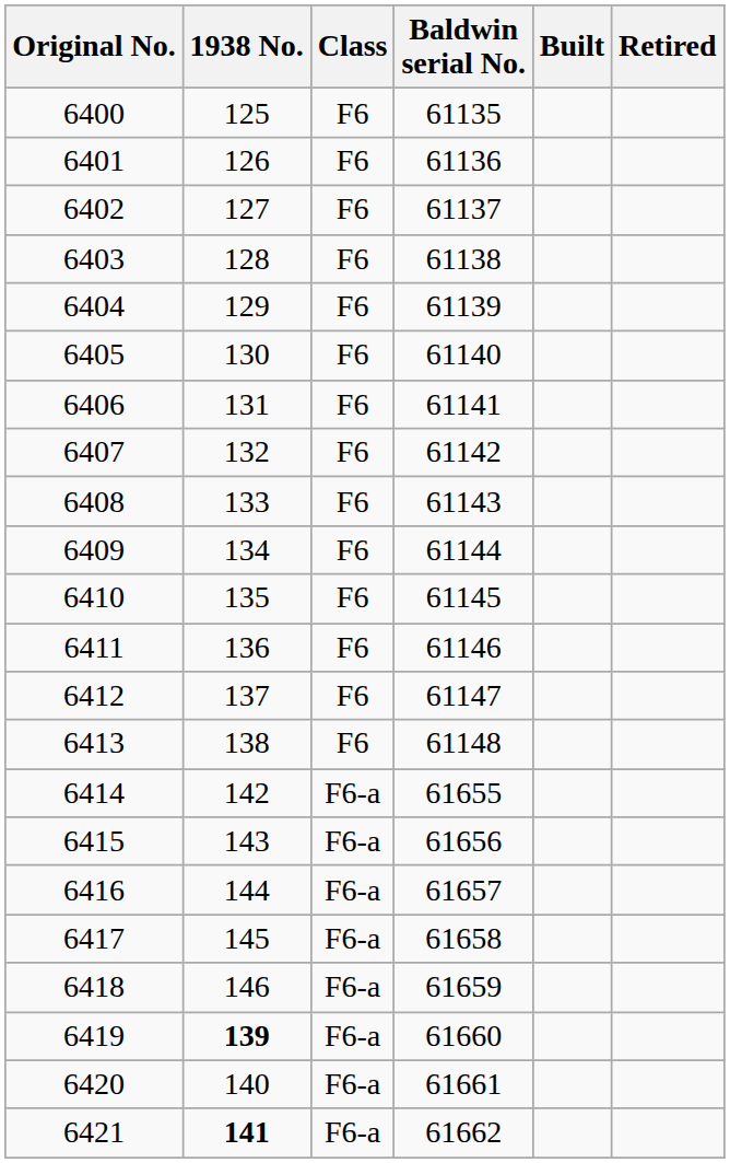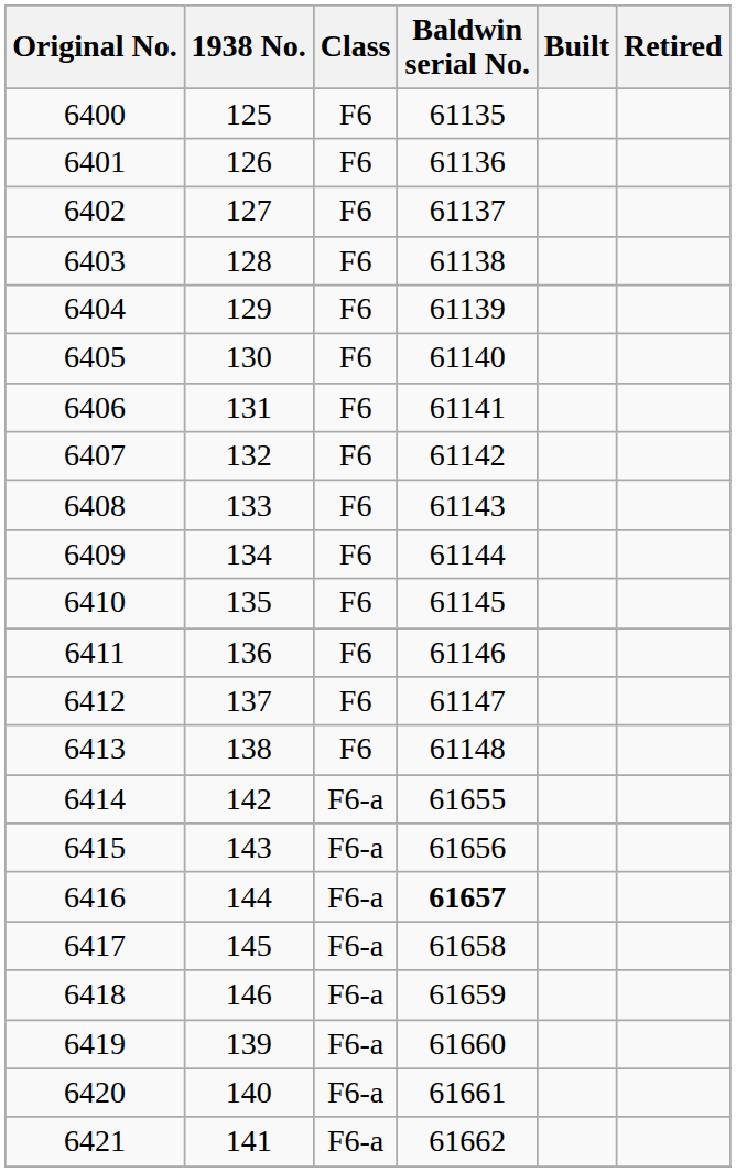 <table class="wikitable sortable" style=text-align:center>
 <tr>
 <th>Original No.</th>
 <th>1938 No.</th>
 <th>Class</th>
 <th>Baldwin<br>serial No.</th>
 <th>Built</th>
 <th>Retired</th>
 </tr>
 <tr>
 <td>6400</td>
 <td>125</td>
 <td>F6</td>
 <td>61135</td>
 <td></td>
 <td></td>
 </tr>
 <tr>
 <td>6401</td>
 <td>126</td>
 <td>F6</td>
 <td>61136</td>
 <td></td>
 <td></td>
 </tr>
 <tr>
 <td>6402</td>
 <td>127</td>
 <td>F6</td>
 <td>61137</td>
 <td></td>
 <td></td>
 </tr>
 <tr>
 <td>6403</td>
 <td>128</td>
 <td>F6</td>
 <td>61138</td>
 <td></td>
 <td></td>
 </tr>
 <tr>
 <td>6404</td>
 <td>129</td>
 <td>F6</td>
 <td>61139</td>
 <td></td>
 <td></td>
 </tr>
 <tr>
 <td>6405</td>
 <td>130</td>
 <td>F6</td>
 <td>61140</td>
 <td></td>
 <td></td>
 </tr>
 <tr>
 <td>6406</td>
 <td>131</td>
 <td>F6</td>
 <td>61141</td>
 <td></td>
 <td></td>
 </tr>
 <tr>
 <td>6407</td>
 <td>132</td>
 <td>F6</td>
 <td>61142</td>
 <td></td>
 <td></td>
 </tr>
 <tr>
 <td>6408</td>
 <td>133</td>
 <td>F6</td>
 <td>61143</td>
 <td></td>
 <td></td>
 </tr>
 <tr>
 <td>6409</td>
 <td>134</td>
 <td>F6</td>
 <td>61144</td>
 <td></td>
 <td></td>
 </tr>
 <tr>
 <td>6410</td>
 <td>135</td>
 <td>F6</td>
 <td>61145</td>
 <td></td>
 <td></td>
 </tr>
 <tr>
 <td>6411</td>
 <td>136</td>
 <td>F6</td>
 <td>61146</td>
 <td></td>
 <td></td>
 </tr>
 <tr>
 <td>6412</td>
 <td>137</td>
 <td>F6</td>
 <td>61147</td>
 <td></td>
 <td></td>
 </tr>
 <tr>
 <td>6413</td>
 <td>138</td>
 <td>F6</td>
 <td>61148</td>
 <td></td>
 <td></td>
 </tr>
 <tr>
 <td>6414</td>
 <td>142</td>
 <td>F6-a</td>
 <td>61655</td>
 <td></td>
 <td></td>
 </tr>
 <tr>
 <td>6415</td>
 <td>143</td>
 <td>F6-a</td>
 <td>61656</td>
 <td></td>
 <td></td>
 </tr>
 <tr>
 <td>6416</td>
 <td>144</td>
 <td>F6-a</td>
-<td>61657</td>
+<td><strong>61657</strong></td>
 <td></td>
 <td></td>
 </tr>
 <tr>
 <td>6417</td>
 <td>145</td>
 <td>F6-a</td>
 <td>61658</td>
 <td></td>
 <td></td>
 </tr>
 <tr>
 <td>6418</td>
 <td>146</td>
 <td>F6-a</td>
 <td>61659</td>
 <td></td>
 <td></td>
 </tr>
 <tr>
 <td>6419</td>
-<td><strong>139</strong></td>
+<td>139</td>
 <td>F6-a</td>
 <td>61660</td>
 <td></td>
 <td></td>
 </tr>
 <tr>
 <td>6420</td>
 <td>140</td>
 <td>F6-a</td>
 <td>61661</td>
 <td></td>
 <td></td>
 </tr>
 <tr>
 <td>6421</td>
-<td><strong>141</strong></td>
+<td>141</td>
 <td>F6-a</td>
 <td>61662</td>
 <td></td>
 <td></td>
 </tr>
 <tr>
 </tr>
 </table>
